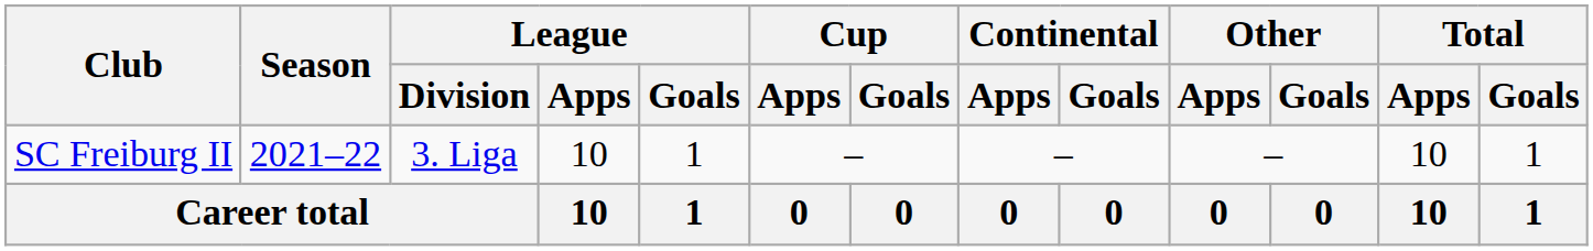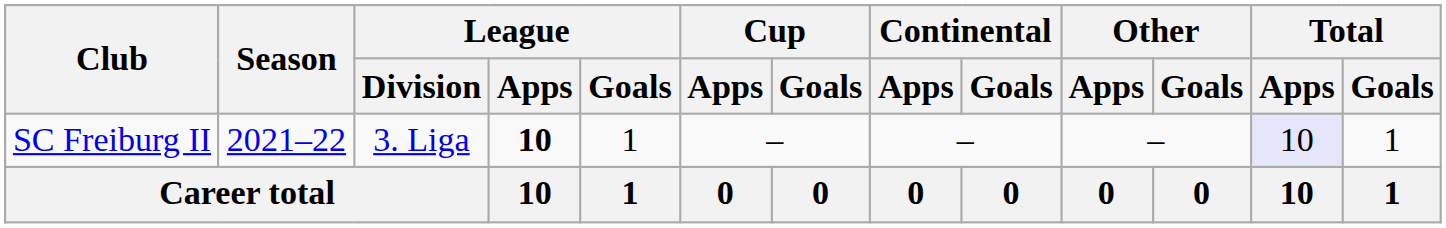 <table class="wikitable" style="text-align:center">
 <tr>
 <th rowspan="2">Club</th>
 <th rowspan="2">Season</th>
 <th colspan="3">League</th>
 <th colspan="2">Cup</th>
 <th colspan="2">Continental</th>
 <th colspan="2">Other</th>
 <th colspan="2">Total</th>
 </tr>
 <tr>
 <th>Division</th>
 <th>Apps</th>
 <th>Goals</th>
 <th>Apps</th>
 <th>Goals</th>
 <th>Apps</th>
 <th>Goals</th>
 <th>Apps</th>
 <th>Goals</th>
 <th>Apps</th>
 <th>Goals</th>
 </tr>
 <tr>
 <td><a href='#'>SC Freiburg II</a></td>
 <td><a href='#'>2021–22</a></td>
 <td><a href='#'>3. Liga</a></td>
-<td>10</td>
+<td><strong>10</strong></td>
 <td>1</td>
 <td colspan="2">–</td>
 <td colspan="2">–</td>
 <td colspan="2">–</td>
-<td>10</td>
+<td style="background: lavender;">10</td>
 <td>1</td>
 </tr>
 <tr>
 <th colspan="3">Career total</th>
 <th>10</th>
 <th>1</th>
 <th>0</th>
 <th>0</th>
 <th>0</th>
 <th>0</th>
 <th>0</th>
 <th>0</th>
 <th>10</th>
 <th>1</th>
 </tr>
 </table>
